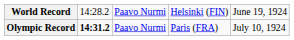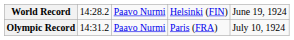 <table class="wikitable">
 <tr>
 <th>World Record</th>
 <td>14:28.2</td>
 <td> <a href='#'>Paavo Nurmi</a></td>
 <td><a href='#'>Helsinki</a> (<a href='#'>FIN</a>)</td>
 <td>June 19, 1924</td>
 </tr>
 <tr>
 <th>Olympic Record</th>
-<td><strong>14:31.2</strong></td>
+<td>14:31.2</td>
 <td> <a href='#'>Paavo Nurmi</a></td>
 <td><a href='#'>Paris</a> (<a href='#'>FRA</a>)</td>
 <td>July 10, 1924</td>
 </tr>
 </table>
